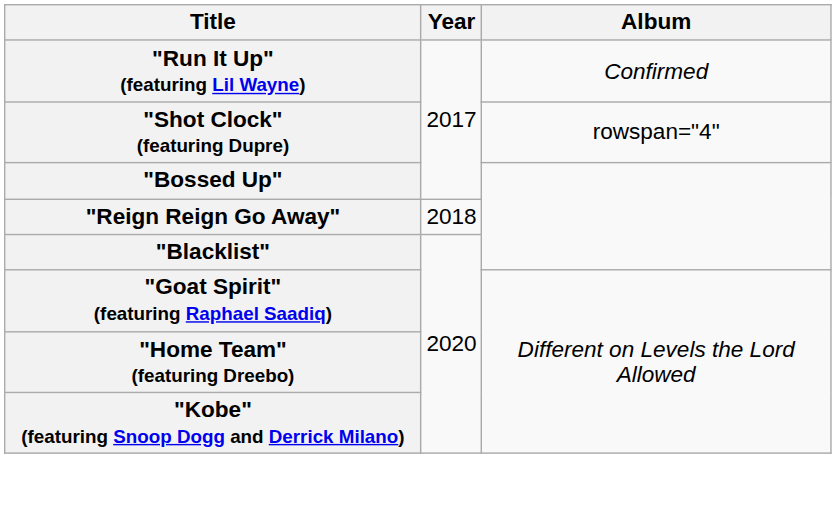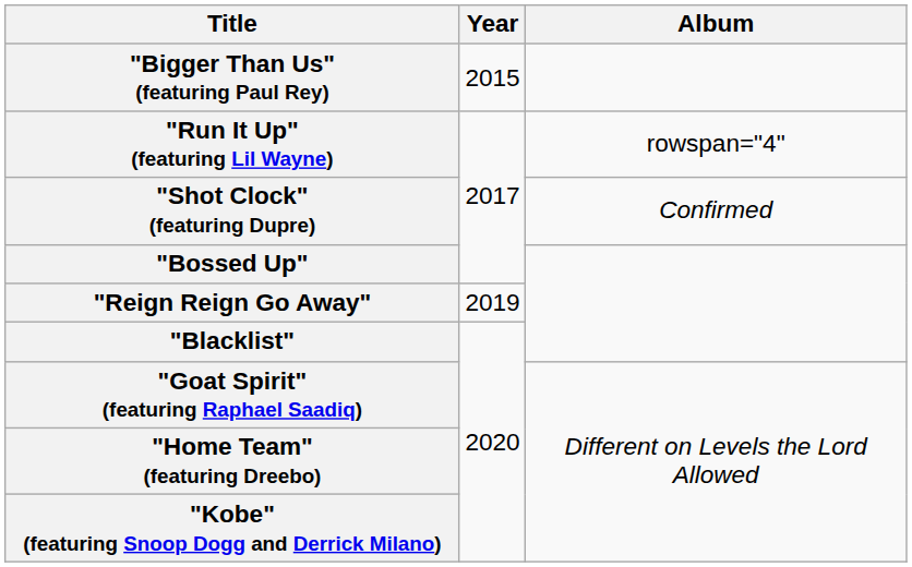 <table class="wikitable plainrowheaders" style="text-align:center;">
 <tr>
 <th scope="col" style="width:18em;">Title</th>
 <th scope="col">Year</th>
 <th scope="col" style="width:15em;">Album</th>
 </tr>
 <tr>
+<th scope="row">"Bigger Than Us"<br><small>(featuring Paul Rey)</small></th>
+<td>2015</td>
+<td></td>
+</tr>
+<tr>
 <th scope="row">"Run It Up"<br><small>(featuring <a href='#'>Lil Wayne</a>)</small></th>
 <td rowspan="3">2017</td>
-<td><em>Confirmed</em></td>
+<td>rowspan="4" </td>
 </tr>
 <tr>
 <th scope="row">"Shot Clock"<br><small>(featuring Dupre)</small></th>
-<td>rowspan="4" </td>
+<td><em>Confirmed</em></td>
 </tr>
 <tr>
 <th scope="row">"Bossed Up"</th>
 </tr>
 <tr>
 <th scope="row">"Reign Reign Go Away"</th>
-<td>2018</td>
+<td>2019</td>
 </tr>
 <tr>
 <th scope="row">"Blacklist"</th>
 <td rowspan="4">2020</td>
 </tr>
 <tr>
 <th scope="row">"Goat Spirit"<br><small>(featuring <a href='#'>Raphael Saadiq</a>)</small></th>
 <td rowspan="3"><em>Different on Levels the Lord Allowed</em></td>
 </tr>
 <tr>
 <th scope="row">"Home Team"<br><small>(featuring Dreebo)</small></th>
 </tr>
 <tr>
 <th scope="row">"Kobe"<br><small>(featuring <a href='#'>Snoop Dogg</a> and <a href='#'>Derrick Milano</a>)</small></th>
 </tr>
 </table>
